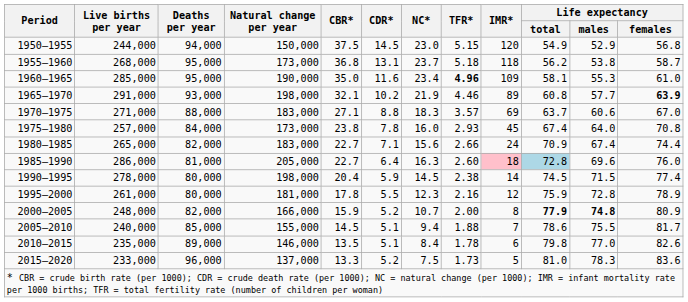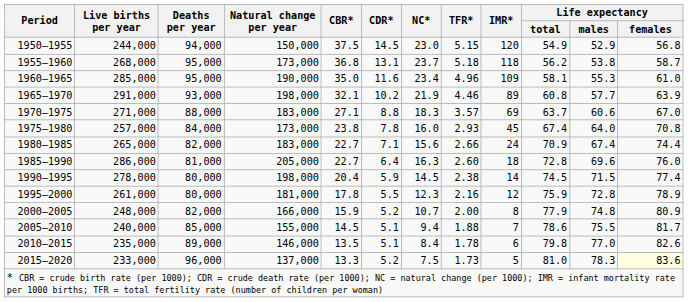 <table class="wikitable" style="text-align: right;">
 <tr>
 <th rowspan=2>Period</th>
 <th rowspan=2>Live births<br>per year</th>
 <th rowspan=2>Deaths<br>per year</th>
 <th rowspan=2>Natural change<br>per year</th>
 <th rowspan=2>CBR*</th>
 <th rowspan=2>CDR*</th>
 <th rowspan=2>NC*</th>
 <th rowspan=2>TFR*</th>
 <th rowspan=2>IMR*</th>
 <th colspan=3>Life expectancy</th>
 </tr>
 <tr>
 <th>total</th>
 <th>males</th>
 <th>females</th>
 </tr>
 <tr>
 <td>1950–1955</td>
 <td>244,000</td>
 <td>94,000</td>
 <td>150,000</td>
 <td>37.5</td>
 <td>14.5</td>
 <td>23.0</td>
 <td>5.15</td>
 <td>120</td>
 <td>54.9</td>
 <td>52.9</td>
 <td>56.8</td>
 </tr>
 <tr>
 <td>1955–1960</td>
 <td>268,000</td>
 <td>95,000</td>
 <td>173,000</td>
 <td>36.8</td>
 <td>13.1</td>
 <td>23.7</td>
 <td>5.18</td>
 <td>118</td>
 <td>56.2</td>
 <td>53.8</td>
 <td>58.7</td>
 </tr>
 <tr>
 <td>1960–1965</td>
 <td>285,000</td>
 <td>95,000</td>
 <td>190,000</td>
 <td>35.0</td>
 <td>11.6</td>
 <td>23.4</td>
-<td><strong>4.96</strong></td>
+<td>4.96</td>
 <td>109</td>
 <td>58.1</td>
 <td>55.3</td>
 <td>61.0</td>
 </tr>
 <tr>
 <td>1965–1970</td>
 <td>291,000</td>
 <td>93,000</td>
 <td>198,000</td>
 <td>32.1</td>
 <td>10.2</td>
 <td>21.9</td>
 <td>4.46</td>
 <td>89</td>
 <td>60.8</td>
 <td>57.7</td>
-<td><strong>63.9</strong></td>
+<td>63.9</td>
 </tr>
 <tr>
 <td>1970–1975</td>
 <td>271,000</td>
 <td>88,000</td>
 <td>183,000</td>
 <td>27.1</td>
 <td>8.8</td>
 <td>18.3</td>
 <td>3.57</td>
 <td>69</td>
 <td>63.7</td>
 <td>60.6</td>
 <td>67.0</td>
 </tr>
 <tr>
 <td>1975–1980</td>
 <td>257,000</td>
 <td>84,000</td>
 <td>173,000</td>
 <td>23.8</td>
 <td>7.8</td>
 <td>16.0</td>
 <td>2.93</td>
 <td>45</td>
 <td>67.4</td>
 <td>64.0</td>
 <td>70.8</td>
 </tr>
 <tr>
 <td>1980–1985</td>
 <td>265,000</td>
 <td>82,000</td>
 <td>183,000</td>
 <td>22.7</td>
 <td>7.1</td>
 <td>15.6</td>
 <td>2.66</td>
 <td>24</td>
 <td>70.9</td>
 <td>67.4</td>
 <td>74.4</td>
 </tr>
 <tr>
 <td>1985–1990</td>
 <td>286,000</td>
 <td>81,000</td>
 <td>205,000</td>
 <td>22.7</td>
 <td>6.4</td>
 <td>16.3</td>
 <td>2.60</td>
-<td style="background: pink;">18</td>
-<td style="background: lightblue;">72.8</td>
+<td>18</td>
+<td>72.8</td>
 <td>69.6</td>
 <td>76.0</td>
 </tr>
 <tr>
 <td>1990–1995</td>
 <td>278,000</td>
 <td>80,000</td>
 <td>198,000</td>
 <td>20.4</td>
 <td>5.9</td>
 <td>14.5</td>
 <td>2.38</td>
 <td>14</td>
 <td>74.5</td>
 <td>71.5</td>
 <td>77.4</td>
 </tr>
 <tr>
 <td>1995–2000</td>
 <td>261,000</td>
 <td>80,000</td>
 <td>181,000</td>
 <td>17.8</td>
 <td>5.5</td>
 <td>12.3</td>
 <td>2.16</td>
 <td>12</td>
 <td>75.9</td>
 <td>72.8</td>
 <td>78.9</td>
 </tr>
 <tr>
 <td>2000–2005</td>
 <td>248,000</td>
 <td>82,000</td>
 <td>166,000</td>
 <td>15.9</td>
 <td>5.2</td>
 <td>10.7</td>
 <td>2.00</td>
 <td>8</td>
-<td><strong>77.9</strong></td>
-<td><strong>74.8</strong></td>
+<td>77.9</td>
+<td>74.8</td>
 <td>80.9</td>
 </tr>
 <tr>
 <td>2005–2010</td>
 <td>240,000</td>
 <td>85,000</td>
 <td>155,000</td>
 <td>14.5</td>
 <td>5.1</td>
 <td>9.4</td>
 <td>1.88</td>
 <td>7</td>
 <td>78.6</td>
 <td>75.5</td>
 <td>81.7</td>
 </tr>
 <tr>
 <td>2010–2015</td>
 <td>235,000</td>
 <td>89,000</td>
 <td>146,000</td>
 <td>13.5</td>
 <td>5.1</td>
 <td>8.4</td>
 <td>1.78</td>
 <td>6</td>
 <td>79.8</td>
 <td>77.0</td>
 <td>82.6</td>
 </tr>
 <tr>
 <td>2015–2020</td>
 <td>233,000</td>
 <td>96,000</td>
 <td>137,000</td>
 <td>13.3</td>
 <td>5.2</td>
 <td>7.5</td>
 <td>1.73</td>
 <td>5</td>
 <td>81.0</td>
 <td>78.3</td>
-<td>83.6</td>
+<td style="background: lightyellow;">83.6</td>
 </tr>
 <tr>
 <td align="left" colspan="12">* <small> CBR = crude birth rate (per 1000); CDR = crude death rate (per 1000); NC = natural change (per 1000); IMR = infant mortality rate per 1000 births; TFR = total fertility rate (number of children per woman)</small></td>
 </tr>
 </table>
